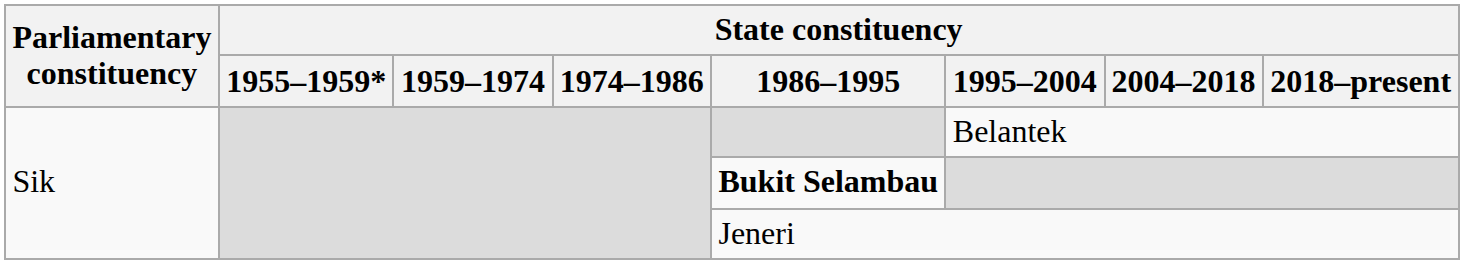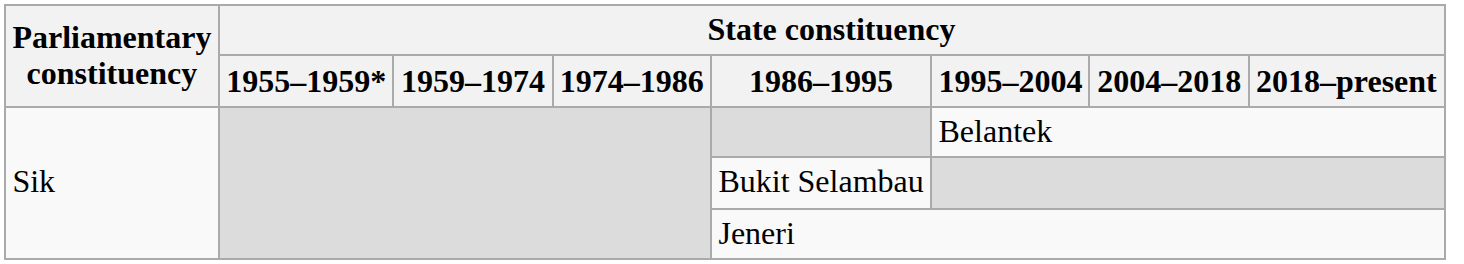 <table class="wikitable">
 <tr>
 <th rowspan="2">Parliamentary<br>constituency</th>
 <th colspan="7">State constituency</th>
 </tr>
 <tr>
 <th>1955–1959*</th>
 <th>1959–1974</th>
 <th>1974–1986</th>
 <th>1986–1995</th>
 <th>1995–2004</th>
 <th>2004–2018</th>
 <th>2018–present</th>
 </tr>
 <tr>
 <td rowspan="3">Sik</td>
 <td colspan="3" rowspan="3" bgcolor="dcdcdc"></td>
 <td bgcolor="dcdcdc"></td>
 <td colspan="3">Belantek</td>
 </tr>
 <tr>
-<td><strong>Bukit Selambau</strong></td>
+<td>Bukit Selambau</td>
 <td colspan="3" bgcolor="dcdcdc"></td>
 </tr>
 <tr>
 <td colspan="4">Jeneri</td>
 </tr>
 </table>
